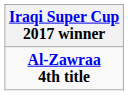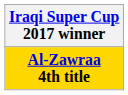 <table class="wikitable" style="text-align: center; margin: 0 auto;">
 <tr>
 <th><a href='#'>Iraqi Super Cup</a><br>2017 winner</th>
 </tr>
 <tr>
-<td><strong><a href='#'>Al-Zawraa</a></strong><br><strong>4th title</strong></td>
+<td style="background: gold;"><strong><a href='#'>Al-Zawraa</a></strong><br><strong>4th title</strong></td>
 </tr>
 </table>
